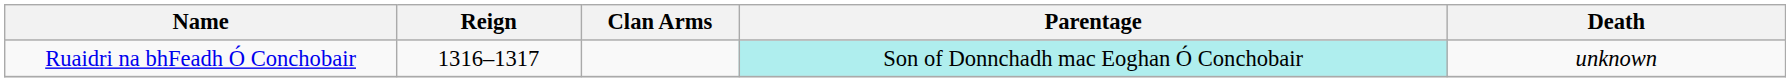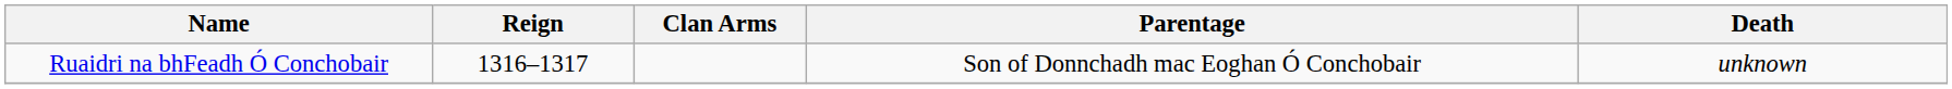 <table style="text-align:center; width:100%" class="wikitable">
 <tr>
 <th style="width:22%">Name</th>
 <th>Reign</th>
 <th style="width:105px">Clan Arms</th>
 <th>Parentage</th>
 <th style="width:19%">Death</th>
 </tr>
 <tr>
 <td><a href='#'>Ruaidri na bhFeadh Ó Conchobair</a></td>
 <td>1316–1317</td>
 <td></td>
-<td style="background: paleturquoise;">Son of Donnchadh mac Eoghan Ó Conchobair</td>
+<td>Son of Donnchadh mac Eoghan Ó Conchobair</td>
 <td><em>unknown</em></td>
 </tr>
 <tr>
 </tr>
 </table>
